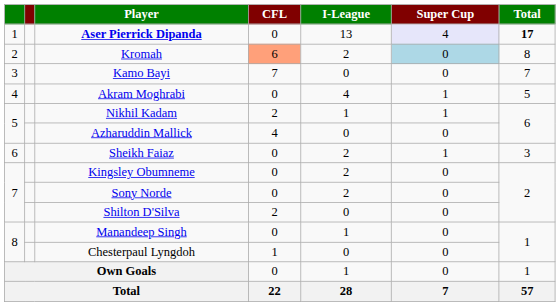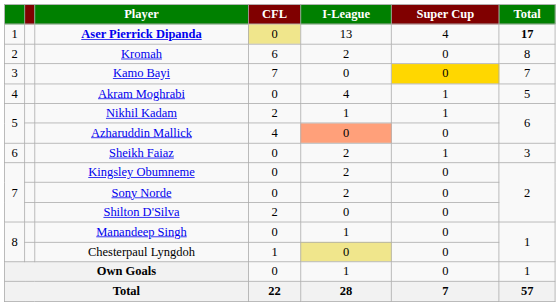 <table class="wikitable sortable" style="text-align:center; width:80%; font-weight:90% font-size:95%;">
 <tr>
 <th style="background-color: green; color: white;"></th>
 <th style="background-color: maroon; color: white;"></th>
 <th style="background-color: green; color: white;">Player</th>
 <th style="background-color: maroon; color: white;">CFL</th>
 <th style="background-color: green; color: white;">I-League</th>
 <th style="background-color: maroon; color: white;">Super Cup</th>
 <th style="background-color: green; color: white;">Total</th>
 </tr>
 <tr>
 <td>1</td>
 <td></td>
 <td><strong><a href='#'>Aser Pierrick Dipanda</a></strong></td>
-<td>0</td>
+<td style="background: khaki;">0</td>
 <td>13</td>
-<td style="background: lavender;">4</td>
+<td>4</td>
 <td><strong>17</strong></td>
 </tr>
 <tr>
 <td>2</td>
 <td></td>
 <td><a href='#'>Kromah</a></td>
-<td style="background: lightsalmon;">6</td>
+<td>6</td>
 <td>2</td>
-<td style="background: lightblue;">0</td>
+<td>0</td>
 <td>8</td>
 </tr>
 <tr>
 <td>3</td>
 <td></td>
 <td><a href='#'>Kamo Bayi</a></td>
 <td>7</td>
 <td>0</td>
-<td>0</td>
+<td style="background: gold;">0</td>
 <td>7</td>
 </tr>
 <tr>
 <td>4</td>
 <td></td>
 <td><a href='#'>Akram Moghrabi</a></td>
 <td>0</td>
 <td>4</td>
 <td>1</td>
 <td>5</td>
 </tr>
 <tr>
 <td rowspan=2>5</td>
 <td></td>
 <td><a href='#'>Nikhil Kadam</a></td>
 <td>2</td>
 <td>1</td>
 <td>1</td>
 <td rowspan=2>6</td>
 </tr>
 <tr>
 <td></td>
 <td><a href='#'>Azharuddin Mallick</a></td>
 <td>4</td>
-<td>0</td>
+<td style="background: lightsalmon;">0</td>
 <td>0</td>
 </tr>
 <tr>
 <td>6</td>
 <td></td>
 <td><a href='#'>Sheikh Faiaz</a></td>
 <td>0</td>
 <td>2</td>
 <td>1</td>
 <td>3</td>
 </tr>
 <tr>
 <td rowspan=3>7</td>
 <td></td>
 <td><a href='#'>Kingsley Obumneme</a></td>
 <td>0</td>
 <td>2</td>
 <td>0</td>
 <td rowspan=3>2</td>
 </tr>
 <tr>
 <td></td>
 <td><a href='#'>Sony Norde</a></td>
 <td>0</td>
 <td>2</td>
 <td>0</td>
 </tr>
 <tr>
 <td></td>
 <td><a href='#'>Shilton D'Silva</a></td>
 <td>2</td>
 <td>0</td>
 <td>0</td>
 </tr>
 <tr>
 <td rowspan=2>8</td>
 <td></td>
 <td><a href='#'>Manandeep Singh</a></td>
 <td>0</td>
 <td>1</td>
 <td>0</td>
 <td rowspan=2>1</td>
 </tr>
 <tr>
 <td></td>
 <td>Chesterpaul Lyngdoh</td>
 <td>1</td>
-<td>0</td>
+<td style="background: khaki;">0</td>
 <td>0</td>
 </tr>
 <tr>
 <th colspan=3>Own Goals</th>
 <td>0</td>
 <td>1</td>
 <td>0</td>
 <td>1</td>
 </tr>
 <tr>
 <th colspan=3>Total</th>
 <th>22</th>
 <th>28</th>
 <th>7</th>
 <th>57</th>
 </tr>
 </table>
